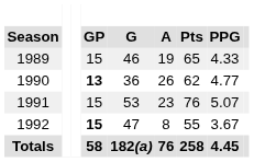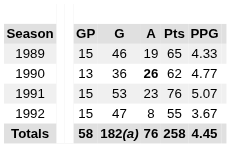 <table BORDER="0" CELLPADDING="3" CELLSPACING="0">
 <tr ALIGN="center" bgcolor="#e0e0e0">
 <th colspan="1" bgcolor="#ffffff"> </th>
 <th rowspan="99" bgcolor="#ffffff"> </th>
 <th rowspan="99" bgcolor="#ffffff"> </th>
 </tr>
 <tr ALIGN="center" bgcolor="#e0e0e0">
 <th>Season</th>
 <th>GP</th>
 <th>G</th>
 <th>A</th>
 <th>Pts</th>
 <th>PPG</th>
 <th></th>
 </tr>
 <tr ALIGN="center" bgcolor="#f0f0f0">
 <td>1989</td>
 <td>15</td>
 <td>46</td>
 <td>19</td>
 <td>65</td>
 <td>4.33</td>
 <td></td>
 </tr>
 <tr ALIGN="center">
 <td>1990</td>
-<td><strong>13</strong></td>
+<td>13</td>
 <td>36</td>
-<td>26</td>
+<td><strong>26</strong></td>
 <td>62</td>
 <td>4.77</td>
 <td></td>
 </tr>
 <tr ALIGN="center" bgcolor="#f0f0f0">
 <td>1991</td>
 <td>15</td>
 <td>53</td>
 <td>23</td>
 <td>76</td>
 <td>5.07</td>
 <td></td>
 </tr>
 <tr ALIGN="center">
 <td>1992</td>
-<td><strong>15</strong></td>
+<td>15</td>
 <td>47</td>
 <td>8</td>
 <td>55</td>
 <td>3.67</td>
 <td></td>
 </tr>
 <tr ALIGN="center" bgcolor="#e0e0e0">
 <th colspan="1.5">Totals</th>
 <th>58</th>
 <th>182<em>(a)</em></th>
 <th>76</th>
 <th>258</th>
 <th>4.45</th>
 <th></th>
 </tr>
 </table>
